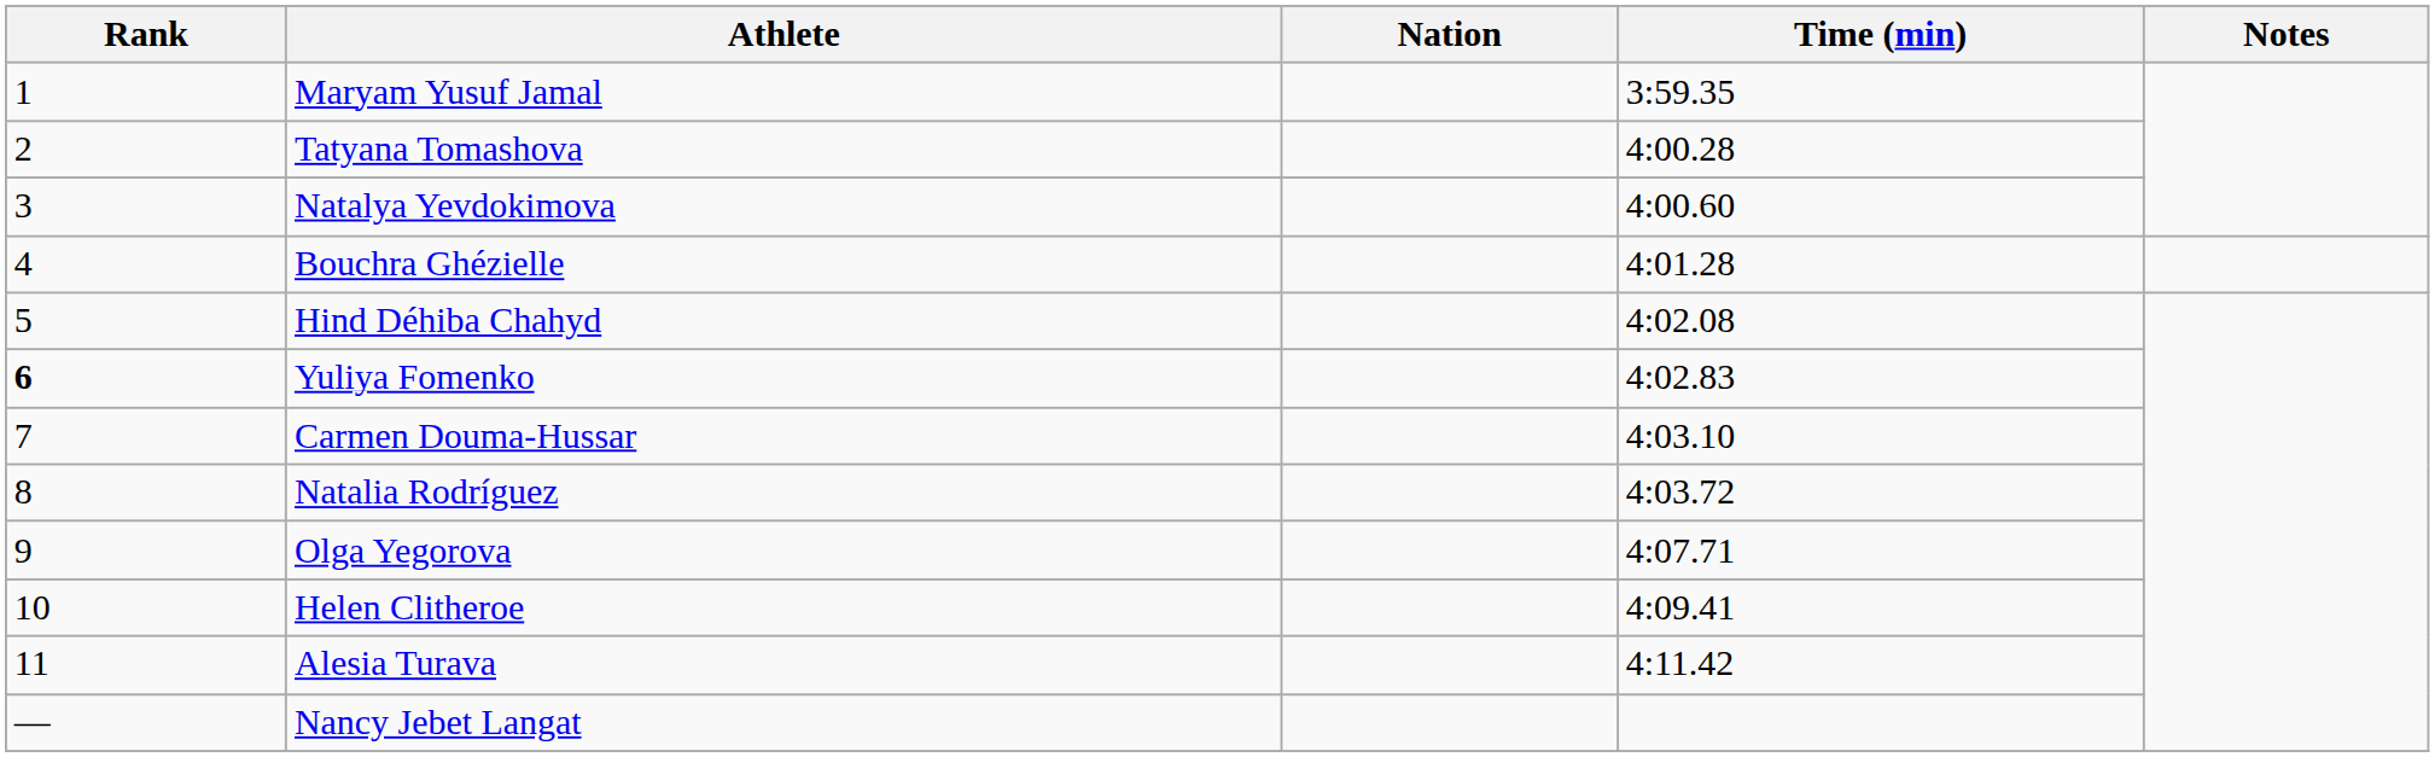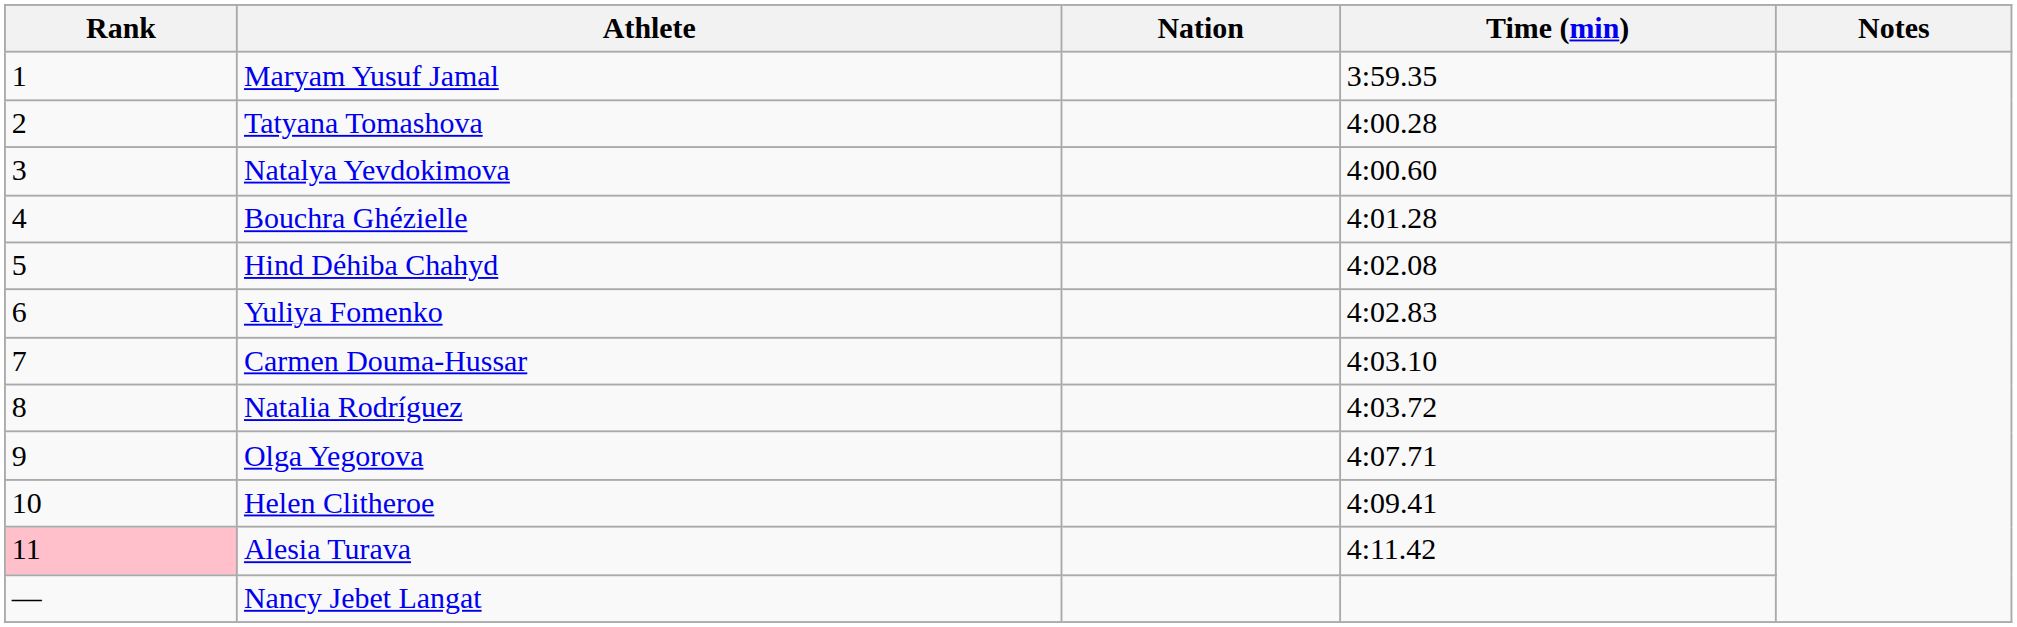 <table class="wikitable" style="text=align:center;" width=85%>
 <tr>
 <th>Rank</th>
 <th>Athlete</th>
 <th>Nation</th>
 <th>Time (<a href='#'>min</a>)</th>
 <th>Notes</th>
 </tr>
 <tr>
 <td>1</td>
 <td><a href='#'>Maryam Yusuf Jamal</a></td>
 <td></td>
 <td>3:59.35</td>
 </tr>
 <tr>
 <td>2</td>
 <td><a href='#'>Tatyana Tomashova</a></td>
 <td></td>
 <td>4:00.28</td>
 </tr>
 <tr>
 <td>3</td>
 <td><a href='#'>Natalya Yevdokimova</a></td>
 <td></td>
 <td>4:00.60</td>
 </tr>
 <tr>
 <td>4</td>
 <td><a href='#'>Bouchra Ghézielle</a></td>
 <td></td>
 <td>4:01.28</td>
 <td></td>
 </tr>
 <tr>
 <td>5</td>
 <td><a href='#'>Hind Déhiba Chahyd</a></td>
 <td></td>
 <td>4:02.08</td>
 </tr>
 <tr>
-<td><strong>6</strong></td>
+<td>6</td>
 <td><a href='#'>Yuliya Fomenko</a></td>
 <td></td>
 <td>4:02.83</td>
 </tr>
 <tr>
 <td>7</td>
 <td><a href='#'>Carmen Douma-Hussar</a></td>
 <td></td>
 <td>4:03.10</td>
 </tr>
 <tr>
 <td>8</td>
 <td><a href='#'>Natalia Rodríguez</a></td>
 <td></td>
 <td>4:03.72</td>
 </tr>
 <tr>
 <td>9</td>
 <td><a href='#'>Olga Yegorova</a></td>
 <td></td>
 <td>4:07.71</td>
 </tr>
 <tr>
 <td>10</td>
 <td><a href='#'>Helen Clitheroe</a></td>
 <td></td>
 <td>4:09.41</td>
 </tr>
 <tr>
-<td>11</td>
+<td style="background: pink;">11</td>
 <td><a href='#'>Alesia Turava</a></td>
 <td></td>
 <td>4:11.42</td>
 </tr>
 <tr>
 <td>—</td>
 <td><a href='#'>Nancy Jebet Langat</a></td>
 <td></td>
 <td></td>
 </tr>
 </table>
